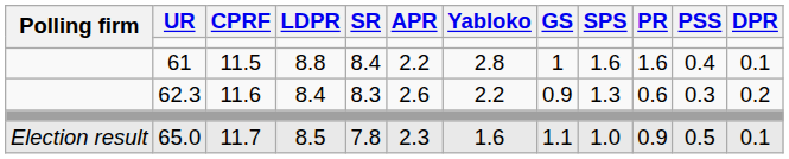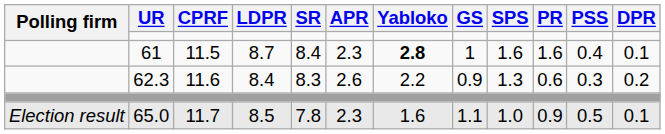 <table class="wikitable" style="text-align:center; font-size:90%; line-height:14px">
 <tr>
 <th rowspan="2">Polling firm</th>
 <th><a href='#'>UR</a></th>
 <th><a href='#'>CPRF</a></th>
 <th><a href='#'>LDPR</a></th>
 <th><a href='#'>SR</a></th>
 <th><a href='#'>APR</a></th>
 <th><a href='#'>Yabloko</a></th>
 <th><a href='#'>GS</a></th>
 <th><a href='#'>SPS</a></th>
 <th><a href='#'>PR</a></th>
 <th><a href='#'>PSS</a></th>
 <th><a href='#'>DPR</a></th>
 </tr>
 <tr>
 <td></td>
 <td></td>
 <td></td>
 <td></td>
 <td></td>
 <td></td>
 <td></td>
 <td></td>
 <td></td>
 <td></td>
 <td></td>
 </tr>
 <tr>
 <td></td>
 <td>61</td>
 <td>11.5</td>
-<td>8.8</td>
+<td>8.7</td>
 <td>8.4</td>
-<td>2.2</td>
-<td>2.8</td>
+<td>2.3</td>
+<td><strong>2.8</strong></td>
 <td>1</td>
 <td>1.6</td>
 <td>1.6</td>
 <td>0.4</td>
 <td>0.1</td>
 </tr>
 <tr>
 <td></td>
 <td>62.3</td>
 <td>11.6</td>
 <td>8.4</td>
 <td>8.3</td>
 <td>2.6</td>
 <td>2.2</td>
 <td>0.9</td>
 <td>1.3</td>
 <td>0.6</td>
 <td>0.3</td>
 <td>0.2</td>
 </tr>
 <tr>
 <td colspan=12; style="background:#A0A0A0"></td>
 </tr>
 <tr style="background-color:#E9E9E9">
 <td><em>Election result</em></td>
 <td>65.0</td>
 <td>11.7</td>
 <td>8.5</td>
 <td>7.8</td>
 <td>2.3</td>
 <td>1.6</td>
 <td>1.1</td>
 <td>1.0</td>
 <td>0.9</td>
 <td>0.5</td>
 <td>0.1</td>
 </tr>
 </table>
